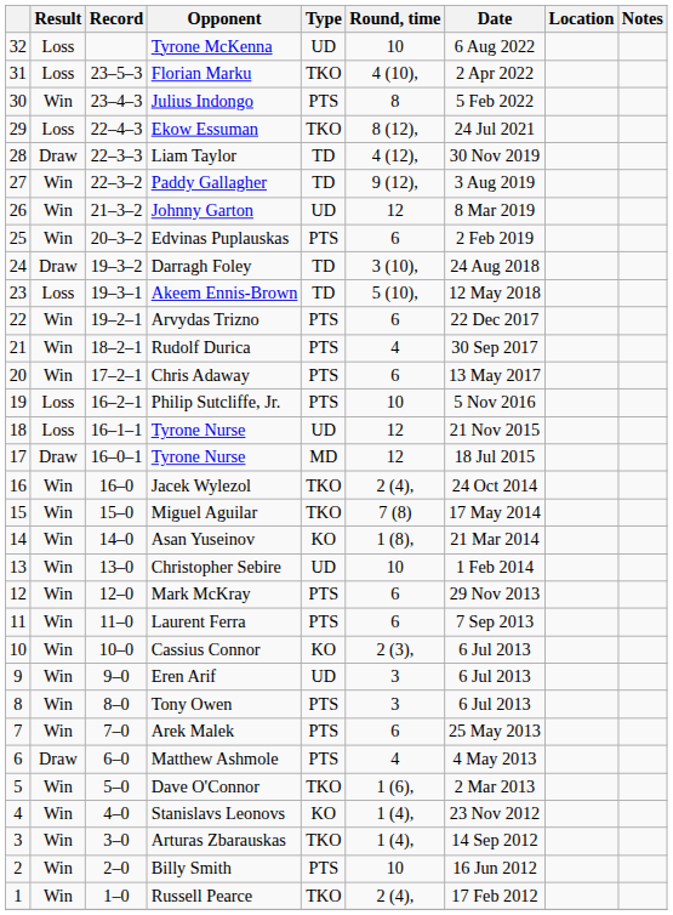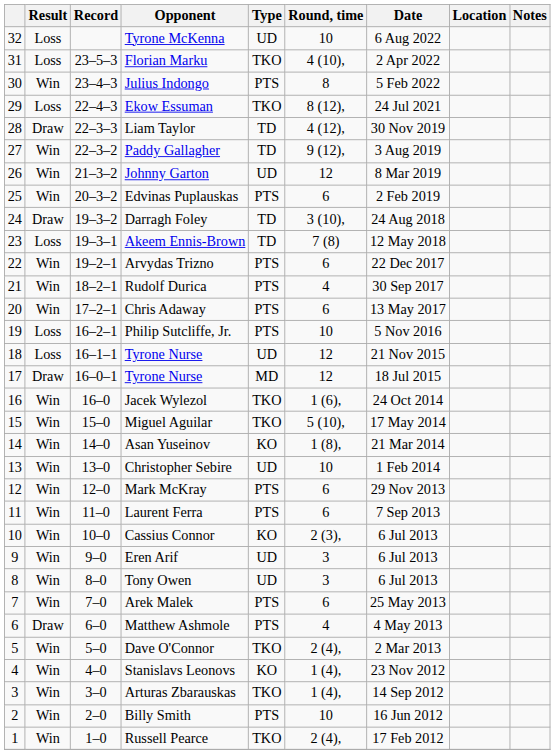 <table class="wikitable" style="text-align:center">
 <tr>
 <th></th>
 <th>Result</th>
 <th>Record</th>
 <th>Opponent</th>
 <th>Type</th>
 <th>Round, time</th>
 <th>Date</th>
 <th>Location</th>
 <th>Notes</th>
 </tr>
 <tr>
 <td>32</td>
 <td>Loss</td>
 <td></td>
 <td align=left><a href='#'>Tyrone McKenna</a></td>
 <td>UD</td>
 <td>10</td>
 <td>6 Aug 2022</td>
 <td align=left></td>
 </tr>
 <tr>
 <td>31</td>
 <td>Loss</td>
 <td>23–5–3</td>
 <td align=left><a href='#'>Florian Marku</a></td>
 <td>TKO</td>
 <td>4 (10), </td>
 <td>2 Apr 2022</td>
 <td align=left></td>
 <td></td>
 </tr>
 <tr>
 <td>30</td>
 <td>Win</td>
 <td>23–4–3</td>
 <td align=left><a href='#'>Julius Indongo</a></td>
 <td>PTS</td>
 <td>8</td>
 <td>5 Feb 2022</td>
 <td align=left></td>
 <td></td>
 </tr>
 <tr>
 <td>29</td>
 <td>Loss</td>
 <td>22–4–3</td>
 <td align=left><a href='#'>Ekow Essuman</a></td>
 <td>TKO</td>
 <td>8 (12), </td>
 <td>24 Jul 2021</td>
 <td align=left></td>
 <td></td>
 </tr>
 <tr>
 <td>28</td>
 <td>Draw</td>
 <td>22–3–3</td>
 <td align=left>Liam Taylor</td>
 <td>TD</td>
 <td>4 (12), </td>
 <td>30 Nov 2019</td>
 <td align=left></td>
 <td align=left></td>
 </tr>
 <tr>
 <td>27</td>
 <td>Win</td>
 <td>22–3–2</td>
 <td align=left><a href='#'>Paddy Gallagher</a></td>
 <td>TD</td>
 <td>9 (12), </td>
 <td>3 Aug 2019</td>
 <td align=left></td>
 <td align=left></td>
 </tr>
 <tr>
 <td>26</td>
 <td>Win</td>
 <td>21–3–2</td>
 <td align=left><a href='#'>Johnny Garton</a></td>
 <td>UD</td>
 <td>12</td>
 <td>8 Mar 2019</td>
 <td align=left></td>
 <td align=left></td>
 </tr>
 <tr>
 <td>25</td>
 <td>Win</td>
 <td>20–3–2</td>
 <td align=left>Edvinas Puplauskas</td>
 <td>PTS</td>
 <td>6</td>
 <td>2 Feb 2019</td>
 <td align=left></td>
 <td></td>
 </tr>
 <tr>
 <td>24</td>
 <td>Draw</td>
 <td>19–3–2</td>
 <td align=left>Darragh Foley</td>
 <td>TD</td>
 <td>3 (10), </td>
 <td>24 Aug 2018</td>
 <td align=left></td>
 <td align=left></td>
 </tr>
 <tr>
 <td>23</td>
 <td>Loss</td>
 <td>19–3–1</td>
 <td align=left><a href='#'>Akeem Ennis-Brown</a></td>
 <td>TD</td>
-<td>5 (10), </td>
+<td>7 (8)</td>
 <td>12 May 2018</td>
 <td align=left></td>
 <td align=left></td>
 </tr>
 <tr>
 <td>22</td>
 <td>Win</td>
 <td>19–2–1</td>
 <td align=left>Arvydas Trizno</td>
 <td>PTS</td>
 <td>6</td>
 <td>22 Dec 2017</td>
 <td align=left></td>
 <td></td>
 </tr>
 <tr>
 <td>21</td>
 <td>Win</td>
 <td>18–2–1</td>
 <td align=left>Rudolf Durica</td>
 <td>PTS</td>
 <td>4</td>
 <td>30 Sep 2017</td>
 <td align=left></td>
 <td></td>
 </tr>
 <tr>
 <td>20</td>
 <td>Win</td>
 <td>17–2–1</td>
 <td align=left>Chris Adaway</td>
 <td>PTS</td>
 <td>6</td>
 <td>13 May 2017</td>
 <td align=left></td>
 <td></td>
 </tr>
 <tr>
 <td>19</td>
 <td>Loss</td>
 <td>16–2–1</td>
 <td align=left>Philip Sutcliffe, Jr.</td>
 <td>PTS</td>
 <td>10</td>
 <td>5 Nov 2016</td>
 <td align=left></td>
 <td></td>
 </tr>
 <tr>
 <td>18</td>
 <td>Loss</td>
 <td>16–1–1</td>
 <td align=left><a href='#'>Tyrone Nurse</a></td>
 <td>UD</td>
 <td>12</td>
 <td>21 Nov 2015</td>
 <td align=left></td>
 <td align=left></td>
 </tr>
 <tr>
 <td>17</td>
 <td>Draw</td>
 <td>16–0–1</td>
 <td align=left><a href='#'>Tyrone Nurse</a></td>
 <td>MD</td>
 <td>12</td>
 <td>18 Jul 2015</td>
 <td align=left></td>
 <td align=left></td>
 </tr>
 <tr>
 <td>16</td>
 <td>Win</td>
 <td>16–0</td>
 <td align=left>Jacek Wylezol</td>
 <td>TKO</td>
-<td>2 (4), </td>
+<td>1 (6), </td>
 <td>24 Oct 2014</td>
 <td align=left></td>
 <td></td>
 </tr>
 <tr>
 <td>15</td>
 <td>Win</td>
 <td>15–0</td>
 <td align=left>Miguel Aguilar</td>
 <td>TKO</td>
-<td>7 (8)</td>
+<td>5 (10), </td>
 <td>17 May 2014</td>
 <td align=left></td>
 <td></td>
 </tr>
 <tr>
 <td>14</td>
 <td>Win</td>
 <td>14–0</td>
 <td align=left>Asan Yuseinov</td>
 <td>KO</td>
 <td>1 (8), </td>
 <td>21 Mar 2014</td>
 <td align=left></td>
 <td></td>
 </tr>
 <tr>
 <td>13</td>
 <td>Win</td>
 <td>13–0</td>
 <td align=left>Christopher Sebire</td>
 <td>UD</td>
 <td>10</td>
 <td>1 Feb 2014</td>
 <td align=left></td>
 <td align=left></td>
 </tr>
 <tr>
 <td>12</td>
 <td>Win</td>
 <td>12–0</td>
 <td align=left>Mark McKray</td>
 <td>PTS</td>
 <td>6</td>
 <td>29 Nov 2013</td>
 <td align=left></td>
 <td></td>
 </tr>
 <tr>
 <td>11</td>
 <td>Win</td>
 <td>11–0</td>
 <td align=left>Laurent Ferra</td>
 <td>PTS</td>
 <td>6</td>
 <td>7 Sep 2013</td>
 <td align=left></td>
 <td></td>
 </tr>
 <tr>
 <td>10</td>
 <td>Win</td>
 <td>10–0</td>
 <td align=left>Cassius Connor</td>
 <td>KO</td>
 <td>2 (3), </td>
 <td>6 Jul 2013</td>
 <td align=left></td>
 <td align=left></td>
 </tr>
 <tr>
 <td>9</td>
 <td>Win</td>
 <td>9–0</td>
 <td align=left>Eren Arif</td>
 <td>UD</td>
 <td>3</td>
 <td>6 Jul 2013</td>
 <td align=left></td>
 <td align=left></td>
 </tr>
 <tr>
 <td>8</td>
 <td>Win</td>
 <td>8–0</td>
 <td align=left>Tony Owen</td>
-<td>PTS</td>
+<td>UD</td>
 <td>3</td>
 <td>6 Jul 2013</td>
 <td align=left></td>
 <td align=left></td>
 </tr>
 <tr>
 <td>7</td>
 <td>Win</td>
 <td>7–0</td>
 <td align=left>Arek Malek</td>
 <td>PTS</td>
 <td>6</td>
 <td>25 May 2013</td>
 <td align=left></td>
 <td></td>
 </tr>
 <tr>
 <td>6</td>
 <td>Draw</td>
 <td>6–0</td>
 <td align=left>Matthew Ashmole</td>
 <td>PTS</td>
 <td>4</td>
 <td>4 May 2013</td>
 <td align=left></td>
 <td></td>
 </tr>
 <tr>
 <td>5</td>
 <td>Win</td>
 <td>5–0</td>
 <td align=left>Dave O'Connor</td>
 <td>TKO</td>
-<td>1 (6), </td>
+<td>2 (4), </td>
 <td>2 Mar 2013</td>
 <td align=left></td>
 <td></td>
 </tr>
 <tr>
 <td>4</td>
 <td>Win</td>
 <td>4–0</td>
 <td align=left>Stanislavs Leonovs</td>
 <td>KO</td>
 <td>1 (4), </td>
 <td>23 Nov 2012</td>
 <td align=left></td>
 <td></td>
 </tr>
 <tr>
 <td>3</td>
 <td>Win</td>
 <td>3–0</td>
 <td align=left>Arturas Zbarauskas</td>
 <td>TKO</td>
 <td>1 (4), </td>
 <td>14 Sep 2012</td>
 <td align=left></td>
 <td></td>
 </tr>
 <tr>
 <td>2</td>
 <td>Win</td>
 <td>2–0</td>
 <td align=left>Billy Smith</td>
 <td>PTS</td>
 <td>10</td>
 <td>16 Jun 2012</td>
 <td align=left></td>
 <td></td>
 </tr>
 <tr>
 <td>1</td>
 <td>Win</td>
 <td>1–0</td>
 <td align=left>Russell Pearce</td>
 <td>TKO</td>
 <td>2 (4), </td>
 <td>17 Feb 2012</td>
 <td align=left></td>
 <td></td>
 </tr>
 <tr>
 </tr>
 </table>
